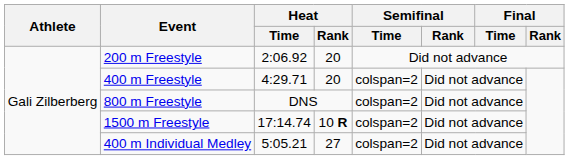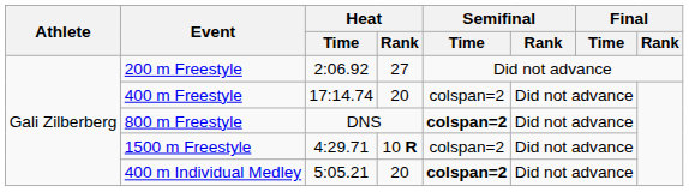 <table class=wikitable style="font-size:90%">
 <tr>
 <th rowspan="2">Athlete</th>
 <th rowspan="2">Event</th>
 <th colspan="2">Heat</th>
 <th colspan="2">Semifinal</th>
 <th colspan="2">Final</th>
 </tr>
 <tr style="font-size:95%">
 <th>Time</th>
 <th>Rank</th>
 <th>Time</th>
 <th>Rank</th>
 <th>Time</th>
 <th>Rank</th>
 </tr>
 <tr align=center>
 <td align=left rowspan="5">Gali Zilberberg</td>
 <td align=left><a href='#'>200 m Freestyle</a></td>
 <td>2:06.92</td>
-<td>20</td>
+<td>27</td>
 <td colspan=4>Did not advance</td>
 </tr>
 <tr align=center>
 <td align=left><a href='#'>400 m Freestyle</a></td>
-<td>4:29.71</td>
+<td>17:14.74</td>
 <td>20</td>
 <td>colspan=2 </td>
 <td colspan=2>Did not advance</td>
 </tr>
 <tr align=center>
 <td align=left><a href='#'>800 m Freestyle</a></td>
 <td colspan=2>DNS</td>
-<td>colspan=2 </td>
+<td><strong>colspan=2 </strong></td>
 <td colspan=2>Did not advance</td>
 </tr>
 <tr align=center>
 <td align=left><a href='#'>1500 m Freestyle</a></td>
-<td>17:14.74</td>
+<td>4:29.71</td>
 <td>10 <strong>R</strong></td>
 <td>colspan=2 </td>
 <td colspan=2>Did not advance</td>
 </tr>
 <tr align=center>
 <td align=left><a href='#'>400 m Individual Medley</a></td>
 <td>5:05.21</td>
-<td>27</td>
-<td>colspan=2 </td>
+<td>20</td>
+<td><strong>colspan=2 </strong></td>
 <td colspan=2>Did not advance</td>
 </tr>
 </table>
